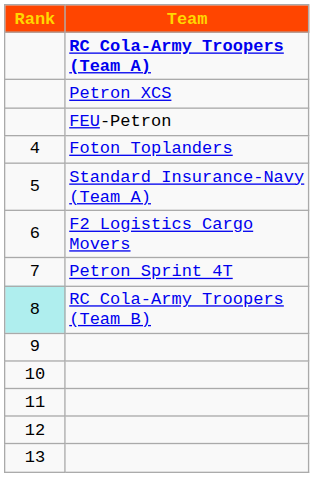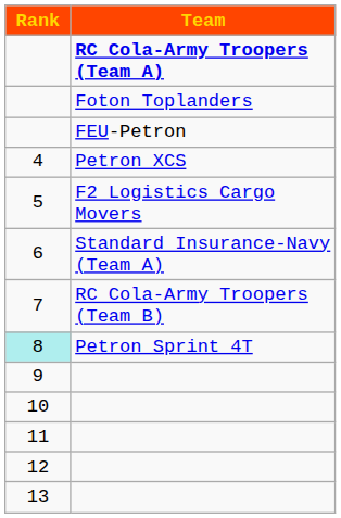 <table class="wikitable" style="text-align: center;">
 <tr>
 <th style="width:40px; background:#ff4500; color:gold;">Rank</th>
 <th style="width:180px; background:#ff4500; color:gold;">Team</th>
 </tr>
 <tr>
 <td></td>
 <td style="text-align:left;"><strong><a href='#'>RC Cola-Army Troopers (Team A)</a></strong></td>
 </tr>
 <tr>
 <td></td>
-<td style="text-align:left;"><a href='#'>Petron XCS</a></td>
+<td style="text-align:left;"><a href='#'>Foton Toplanders</a></td>
 </tr>
 <tr>
 <td></td>
 <td style="text-align:left;"><a href='#'>FEU</a>-Petron</td>
 </tr>
 <tr>
 <td>4</td>
-<td style="text-align:left;"><a href='#'>Foton Toplanders</a></td>
+<td style="text-align:left;"><a href='#'>Petron XCS</a></td>
 </tr>
 <tr>
 <td>5</td>
+<td style="text-align:left;"><a href='#'>F2 Logistics Cargo Movers</a></td>
+</tr>
+<tr>
+<td>6</td>
 <td style="text-align:left;"><a href='#'>Standard Insurance-Navy (Team A)</a></td>
 </tr>
 <tr>
-<td>6</td>
-<td style="text-align:left;"><a href='#'>F2 Logistics Cargo Movers</a></td>
-</tr>
-<tr>
 <td>7</td>
-<td style="text-align:left;"><a href='#'>Petron Sprint 4T</a></td>
+<td style="text-align:left;"><a href='#'>RC Cola-Army Troopers (Team B)</a></td>
 </tr>
 <tr>
 <td style="background: paleturquoise;">8</td>
-<td style="text-align:left;"><a href='#'>RC Cola-Army Troopers (Team B)</a></td>
+<td style="text-align:left;"><a href='#'>Petron Sprint 4T</a></td>
 </tr>
 <tr>
 <td>9</td>
 <td style="text-align:left;"></td>
 </tr>
 <tr>
 <td>10</td>
 <td style="text-align:left;"></td>
 </tr>
 <tr>
 <td>11</td>
 <td style="text-align:left;"></td>
 </tr>
 <tr>
 <td>12</td>
 <td style="text-align:left;"></td>
 </tr>
 <tr>
 <td>13</td>
 <td style="text-align:left;"></td>
 </tr>
 </table>
